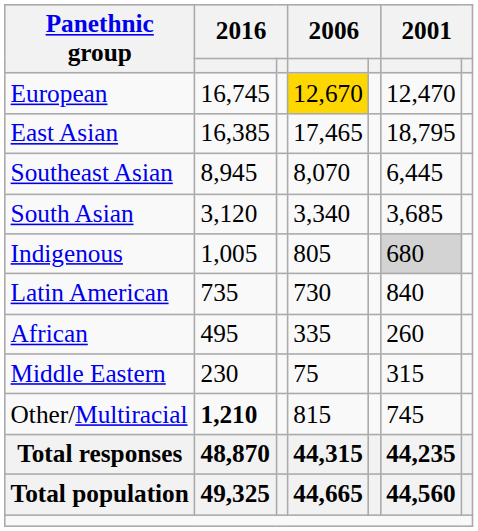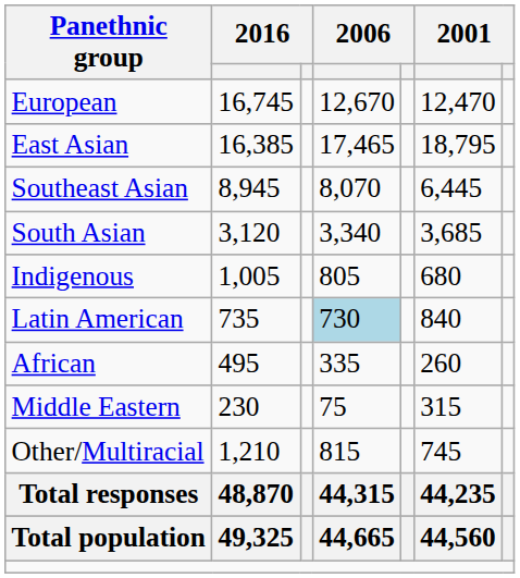 <table class="wikitable sortable">
 <tr>
 <th rowspan="2"><a href='#'>Panethnic</a><br>group</th>
 <th colspan="2">2016</th>
 <th colspan="2">2006</th>
 <th colspan="2">2001</th>
 </tr>
 <tr>
 <th><a href='#'></a></th>
 <th></th>
 <th></th>
 <th></th>
 <th></th>
 <th></th>
 </tr>
 <tr>
 <td><a href='#'>European</a></td>
 <td>16,745</td>
 <td></td>
-<td style="background: gold;">12,670</td>
+<td>12,670</td>
 <td></td>
 <td>12,470</td>
 <td></td>
 </tr>
 <tr>
 <td><a href='#'>East Asian</a></td>
 <td>16,385</td>
 <td></td>
 <td>17,465</td>
 <td></td>
 <td>18,795</td>
 <td></td>
 </tr>
 <tr>
 <td><a href='#'>Southeast Asian</a></td>
 <td>8,945</td>
 <td></td>
 <td>8,070</td>
 <td></td>
 <td>6,445</td>
 <td></td>
 </tr>
 <tr>
 <td><a href='#'>South Asian</a></td>
 <td>3,120</td>
 <td></td>
 <td>3,340</td>
 <td></td>
 <td>3,685</td>
 <td></td>
 </tr>
 <tr>
 <td><a href='#'>Indigenous</a></td>
 <td>1,005</td>
 <td></td>
 <td>805</td>
 <td></td>
-<td style="background: lightgrey;">680</td>
+<td>680</td>
 <td></td>
 </tr>
 <tr>
 <td><a href='#'>Latin American</a></td>
 <td>735</td>
 <td></td>
-<td>730</td>
+<td style="background: lightblue;">730</td>
 <td></td>
 <td>840</td>
 <td></td>
 </tr>
 <tr>
 <td><a href='#'>African</a></td>
 <td>495</td>
 <td></td>
 <td>335</td>
 <td></td>
 <td>260</td>
 <td></td>
 </tr>
 <tr>
 <td><a href='#'>Middle Eastern</a></td>
 <td>230</td>
 <td></td>
 <td>75</td>
 <td></td>
 <td>315</td>
 <td></td>
 </tr>
 <tr>
 <td>Other/<a href='#'>Multiracial</a></td>
-<td><strong>1,210</strong></td>
+<td>1,210</td>
 <td></td>
 <td>815</td>
 <td></td>
 <td>745</td>
 <td></td>
 </tr>
 <tr>
 <th>Total responses</th>
 <th>48,870</th>
 <th></th>
 <th>44,315</th>
 <th></th>
 <th>44,235</th>
 <th></th>
 </tr>
 <tr>
 <th>Total population</th>
 <th>49,325</th>
 <th></th>
 <th>44,665</th>
 <th></th>
 <th>44,560</th>
 <th></th>
 </tr>
 <tr class="sortbottom">
 <td colspan="10"></td>
 </tr>
 </table>
